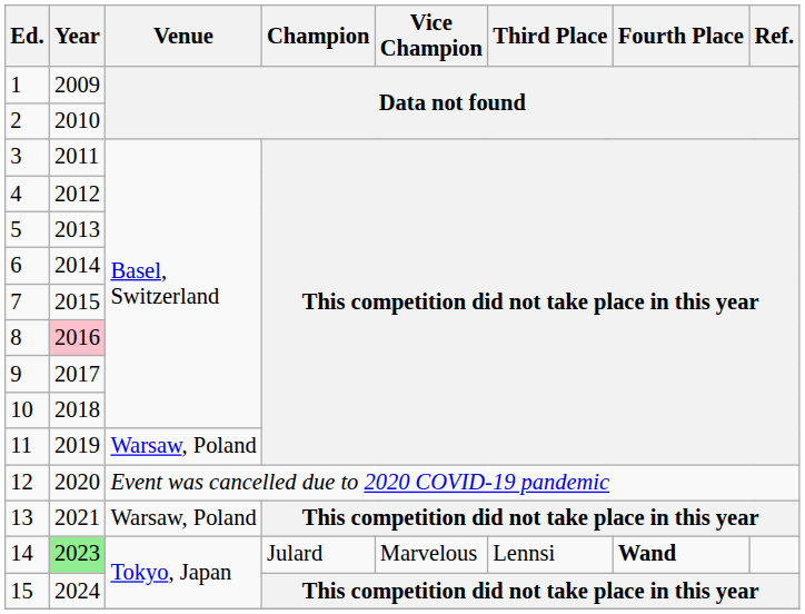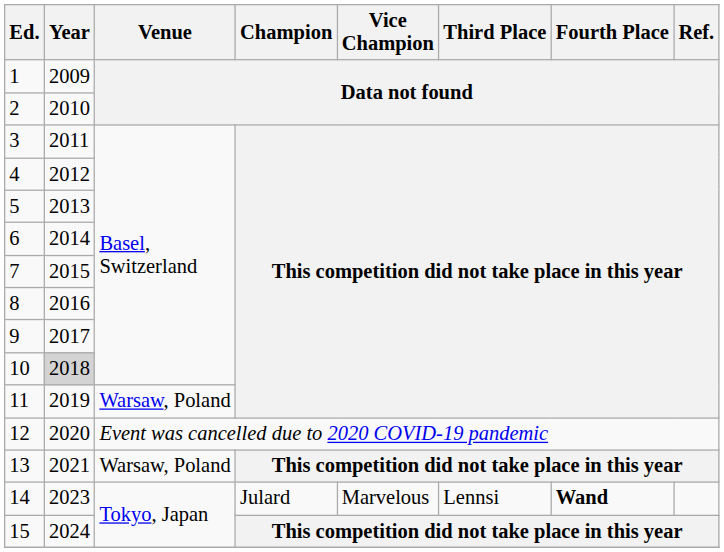 <table class="wikitable">
 <tr>
 <th>Ed.</th>
 <th>Year</th>
 <th>Venue</th>
 <th>Champion</th>
 <th>Vice<br>Champion</th>
 <th>Third Place</th>
 <th>Fourth Place</th>
 <th>Ref.</th>
 </tr>
 <tr>
 <td>1</td>
 <td>2009</td>
 <th colspan="6" rowspan="2">Data not found</th>
 </tr>
 <tr>
 <td>2</td>
 <td>2010</td>
 </tr>
 <tr>
 <td>3</td>
 <td>2011</td>
 <td rowspan="8"><a href='#'>Basel</a>,<br>Switzerland</td>
 <th colspan="5" rowspan="9"><strong>This competition did not take place in this year</strong></th>
 </tr>
 <tr>
 <td>4</td>
 <td>2012</td>
 </tr>
 <tr>
 <td>5</td>
 <td>2013</td>
 </tr>
 <tr>
 <td>6</td>
 <td>2014</td>
 </tr>
 <tr>
 <td>7</td>
 <td>2015</td>
 </tr>
 <tr>
 <td>8</td>
-<td style="background: pink;">2016</td>
+<td>2016</td>
 </tr>
 <tr>
 <td>9</td>
 <td>2017</td>
 </tr>
 <tr>
 <td>10</td>
-<td>2018</td>
+<td style="background: lightgrey;">2018</td>
 </tr>
 <tr>
 <td>11</td>
 <td>2019</td>
 <td><a href='#'>Warsaw</a>, Poland</td>
 </tr>
 <tr>
 <td>12</td>
 <td>2020</td>
 <td colspan="6"><em>Event was cancelled due to <a href='#'>2020 COVID-19 pandemic</a></em></td>
 </tr>
 <tr>
 <td>13</td>
 <td>2021</td>
 <td>Warsaw, Poland</td>
 <th colspan="5"><strong>This competition did not take place in this year</strong></th>
 </tr>
 <tr>
 <td>14</td>
-<td style="background: lightgreen;">2023</td>
+<td>2023</td>
 <td rowspan="2"><a href='#'>Tokyo</a>, Japan</td>
 <td> Julard</td>
 <td>  Marvelous</td>
 <td> Lennsi</td>
 <td><strong> Wand</strong></td>
 <td></td>
 </tr>
 <tr>
 <td>15</td>
 <td>2024</td>
 <th colspan="5"><strong>This competition did not take place in this year</strong></th>
 </tr>
 <tr>
 </tr>
 </table>
